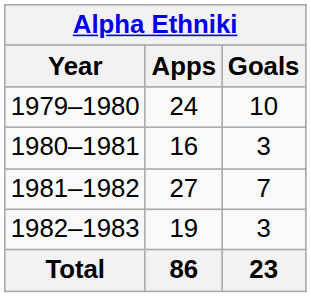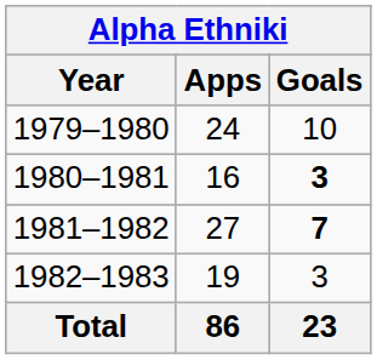 <table class="wikitable" style="text-align:center">
 <tr>
 <th colspan=3><a href='#'>Alpha Ethniki</a></th>
 </tr>
 <tr>
 <th>Year</th>
 <th>Apps</th>
 <th>Goals</th>
 </tr>
 <tr>
 <td>1979–1980</td>
 <td>24</td>
 <td>10</td>
 </tr>
 <tr>
 <td>1980–1981</td>
 <td>16</td>
-<td>3</td>
+<td><strong>3</strong></td>
 </tr>
 <tr>
 <td>1981–1982</td>
 <td>27</td>
-<td>7</td>
+<td><strong>7</strong></td>
 </tr>
 <tr>
 <td>1982–1983</td>
 <td>19</td>
 <td>3</td>
 </tr>
 <tr>
 <th>Total</th>
 <th>86</th>
 <th>23</th>
 </tr>
 </table>
